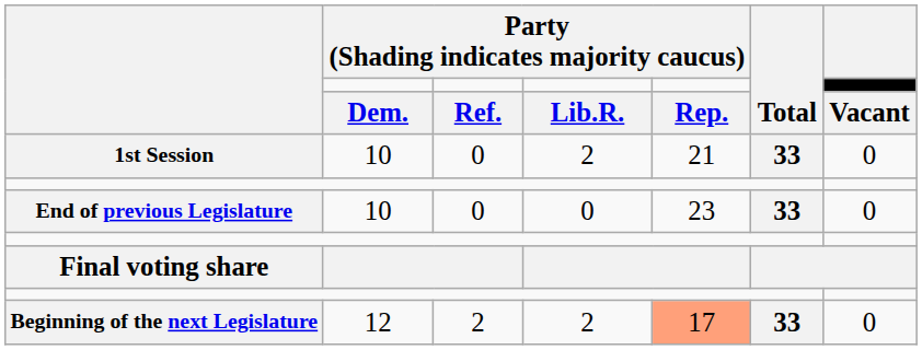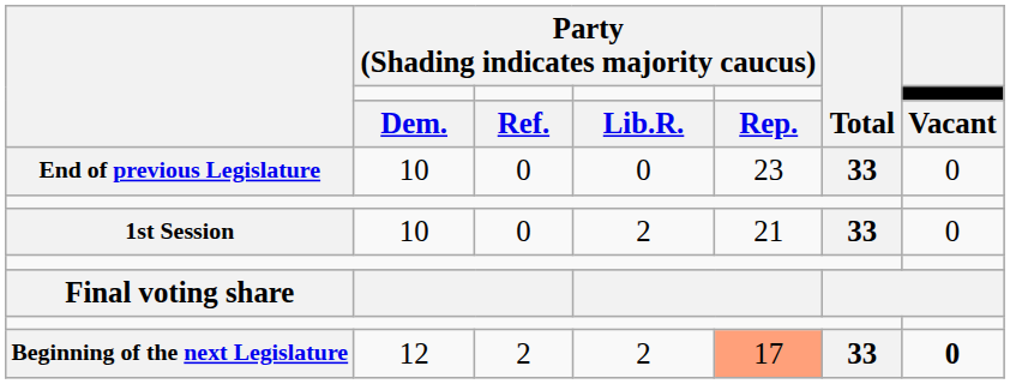 <table class=wikitable style="text-align:center">
 <tr style="vertical-align:bottom;">
 <th rowspan=3></th>
 <th colspan=4>Party <div>(Shading indicates majority caucus)</div></th>
 <th rowspan=3>Total</th>
 <th></th>
 </tr>
 <tr style="height:5px">
 <td style="background-color:"></td>
 <td style="background-color:"></td>
 <td style="background-color:"></td>
 <td style="background-color:"></td>
 <td style="background:black;"></td>
 </tr>
 <tr>
 <th><a href='#'>Dem.</a></th>
 <th><a href='#'>Ref.</a></th>
 <th><a href='#'>Lib.R.</a></th>
 <th><a href='#'>Rep.</a></th>
 <th>Vacant</th>
 </tr>
 <tr>
-<th style="font-size:80%;">1st Session</th>
+<th style="font-size:80%;">End of <a href='#'>previous Legislature</a></th>
 <td>10</td>
 <td>0</td>
-<td>2</td>
-<td>21</td>
+<td>0</td>
+<td>23</td>
 <th>33</th>
 <td>0</td>
 </tr>
 <tr>
 <td colspan=6></td>
 </tr>
 <tr>
-<th style="font-size:80%;">End of <a href='#'>previous Legislature</a></th>
+<th style="font-size:80%;">1st Session</th>
 <td>10</td>
 <td>0</td>
-<td>0</td>
-<td>23</td>
+<td>2</td>
+<td>21</td>
 <th>33</th>
 <td>0</td>
 </tr>
 <tr>
 <td colspan=6></td>
 </tr>
 <tr>
 <th>Final voting share</th>
 <th colspan=2></th>
 <th colspan=2 ></th>
 <th colspan=2></th>
 </tr>
 <tr>
 <td colspan=6></td>
 </tr>
 <tr>
 <th style="font-size:80%;">Beginning of the <a href='#'>next Legislature</a></th>
 <td>12</td>
 <td>2</td>
 <td>2</td>
 <td style="background: lightsalmon;">17</td>
 <th>33</th>
-<td>0</td>
+<td><strong>0</strong></td>
 </tr>
 </table>
